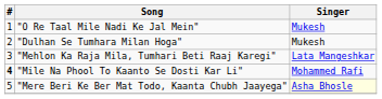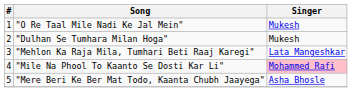 <table class="wikitable">
 <tr>
 <th>#</th>
 <th>Song</th>
 <th>Singer</th>
 </tr>
 <tr>
 <td>1</td>
 <td>"O Re Taal Mile Nadi Ke Jal Mein"</td>
 <td><a href='#'>Mukesh</a></td>
 </tr>
 <tr>
 <td>2</td>
 <td>"Dulhan Se Tumhara Milan Hoga"</td>
 <td>Mukesh</td>
 </tr>
 <tr>
 <td>3</td>
 <td>"Mehlon Ka Raja Mila, Tumhari Beti Raaj Karegi"</td>
 <td><a href='#'>Lata Mangeshkar</a></td>
 </tr>
 <tr>
-<td><strong>4</strong></td>
+<td>4</td>
 <td>"Mile Na Phool To Kaanto Se Dosti Kar Li"</td>
-<td><a href='#'>Mohammed Rafi</a></td>
+<td style="background: pink;"><a href='#'>Mohammed Rafi</a></td>
 </tr>
 <tr>
 <td>5</td>
 <td>"Mere Beri Ke Ber Mat Todo, Kaanta Chubh Jaayega"</td>
-<td style="background: lightyellow;"><a href='#'>Asha Bhosle</a></td>
+<td><a href='#'>Asha Bhosle</a></td>
 </tr>
 <tr>
 </tr>
 </table>
